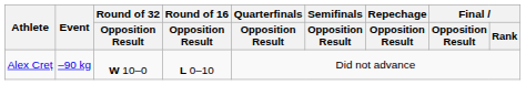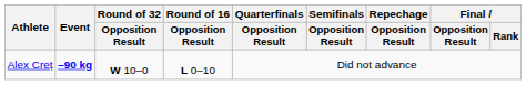 <table class=wikitable style=font-size:90%;>
 <tr>
 <th rowspan=2>Athlete</th>
 <th rowspan=2>Event</th>
 <th>Round of 32</th>
 <th>Round of 16</th>
 <th>Quarterfinals</th>
 <th>Semifinals</th>
 <th>Repechage</th>
 <th colspan=2>Final / </th>
 </tr>
 <tr style=font-size:95%>
 <th>Opposition<br>Result</th>
 <th>Opposition<br>Result</th>
 <th>Opposition<br>Result</th>
 <th>Opposition<br>Result</th>
 <th>Opposition<br>Result</th>
 <th>Opposition<br>Result</th>
 <th>Rank</th>
 </tr>
 <tr align=center>
 <td align=left><a href='#'>Alex Creț</a></td>
-<td align=left><a href='#'>–90 kg</a></td>
+<td align=left><strong><a href='#'>–90 kg</a></strong></td>
 <td> <br> <strong>W</strong> 10–0</td>
 <td> <br> <strong>L</strong> 0–10</td>
 <td colspan="6">Did not advance</td>
 </tr>
 </table>
